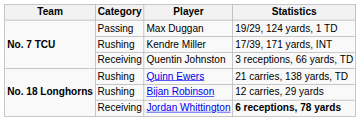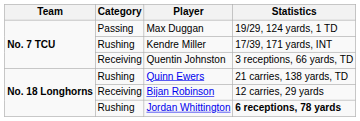 <table class="wikitable" style="float: right;">
 <tr>
 <th>Team</th>
 <th>Category</th>
 <th>Player</th>
 <th>Statistics</th>
 </tr>
 <tr>
 <td rowspan=3><strong>No. 7 TCU</strong></td>
 <td>Passing</td>
 <td>Max Duggan</td>
 <td>19/29, 124 yards, 1 TD</td>
 </tr>
 <tr>
 <td>Rushing</td>
 <td>Kendre Miller</td>
 <td>17/39, 171 yards, INT</td>
 </tr>
 <tr>
 <td>Receiving</td>
 <td>Quentin Johnston</td>
 <td>3 receptions, 66 yards, TD</td>
 </tr>
 <tr>
 <td rowspan=3><strong>No. 18 Longhorns</strong></td>
 <td>Rushing</td>
 <td><a href='#'>Quinn Ewers</a></td>
 <td>21 carries, 138 yards, TD</td>
 </tr>
 <tr>
-<td>Rushing</td>
+<td>Receiving</td>
 <td><a href='#'>Bijan Robinson</a></td>
 <td>12 carries, 29 yards</td>
 </tr>
 <tr>
-<td>Receiving</td>
+<td>Rushing</td>
 <td><a href='#'>Jordan Whittington</a></td>
 <td><strong>6 receptions, 78 yards</strong></td>
 </tr>
 </table>
